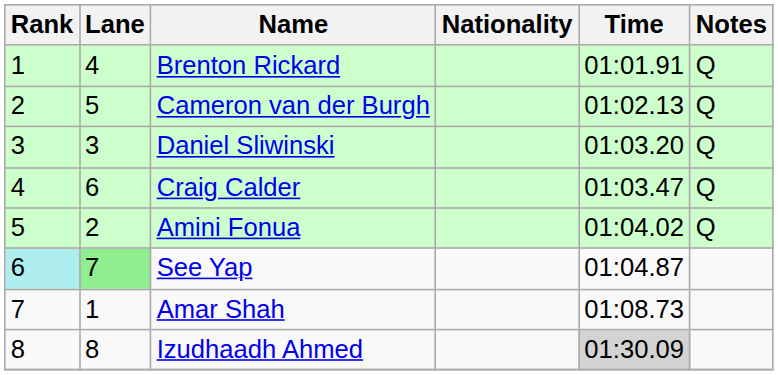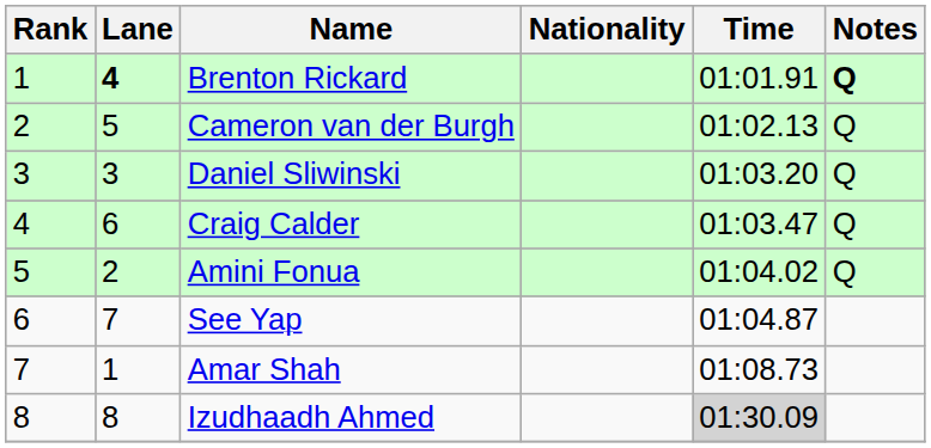 <table class="wikitable">
 <tr>
 <th>Rank</th>
 <th>Lane</th>
 <th>Name</th>
 <th>Nationality</th>
 <th>Time</th>
 <th>Notes</th>
 </tr>
 <tr bgcolor=ccffcc>
 <td>1</td>
-<td>4</td>
+<td><strong>4</strong></td>
 <td><a href='#'>Brenton Rickard</a></td>
 <td></td>
 <td>01:01.91</td>
-<td>Q</td>
+<td><strong>Q</strong></td>
 </tr>
 <tr bgcolor=ccffcc>
 <td>2</td>
 <td>5</td>
 <td><a href='#'>Cameron van der Burgh</a></td>
 <td></td>
 <td>01:02.13</td>
 <td>Q</td>
 </tr>
 <tr bgcolor=ccffcc>
 <td>3</td>
 <td>3</td>
 <td><a href='#'>Daniel Sliwinski</a></td>
 <td></td>
 <td>01:03.20</td>
 <td>Q</td>
 </tr>
 <tr bgcolor=ccffcc>
 <td>4</td>
 <td>6</td>
 <td><a href='#'>Craig Calder</a></td>
 <td></td>
 <td>01:03.47</td>
 <td>Q</td>
 </tr>
 <tr bgcolor=ccffcc>
 <td>5</td>
 <td>2</td>
 <td><a href='#'>Amini Fonua</a></td>
 <td></td>
 <td>01:04.02</td>
 <td>Q</td>
 </tr>
 <tr>
-<td style="background: paleturquoise;">6</td>
-<td style="background: lightgreen;">7</td>
+<td>6</td>
+<td>7</td>
 <td><a href='#'>See Yap</a></td>
 <td></td>
 <td>01:04.87</td>
 <td></td>
 </tr>
 <tr>
 <td>7</td>
 <td>1</td>
 <td><a href='#'>Amar Shah</a></td>
 <td></td>
 <td>01:08.73</td>
 <td></td>
 </tr>
 <tr>
 <td>8</td>
 <td>8</td>
 <td><a href='#'>Izudhaadh Ahmed</a></td>
 <td></td>
 <td style="background: lightgrey;">01:30.09</td>
 <td></td>
 </tr>
 <tr>
 </tr>
 </table>
